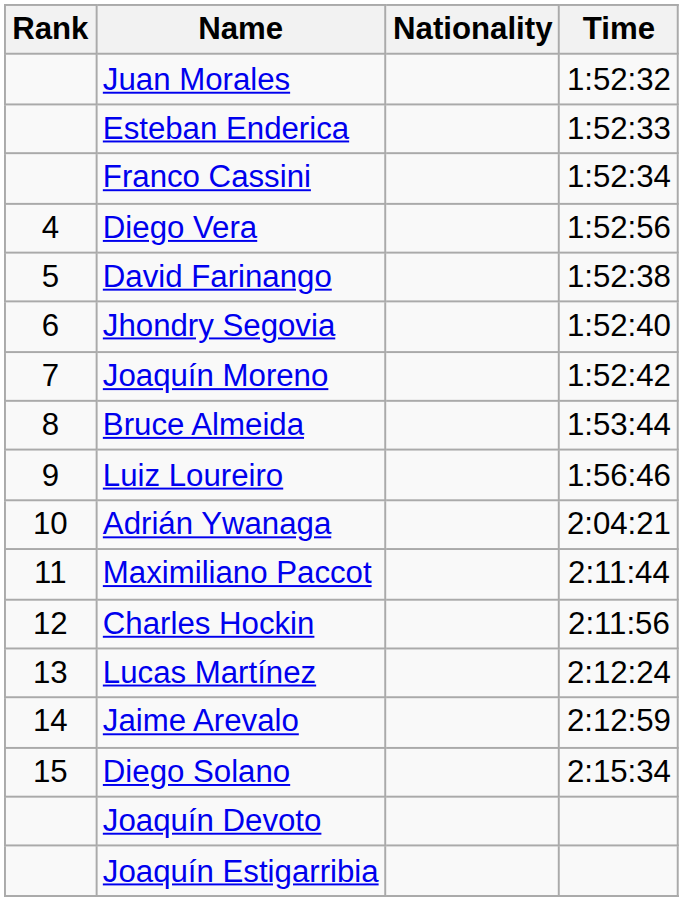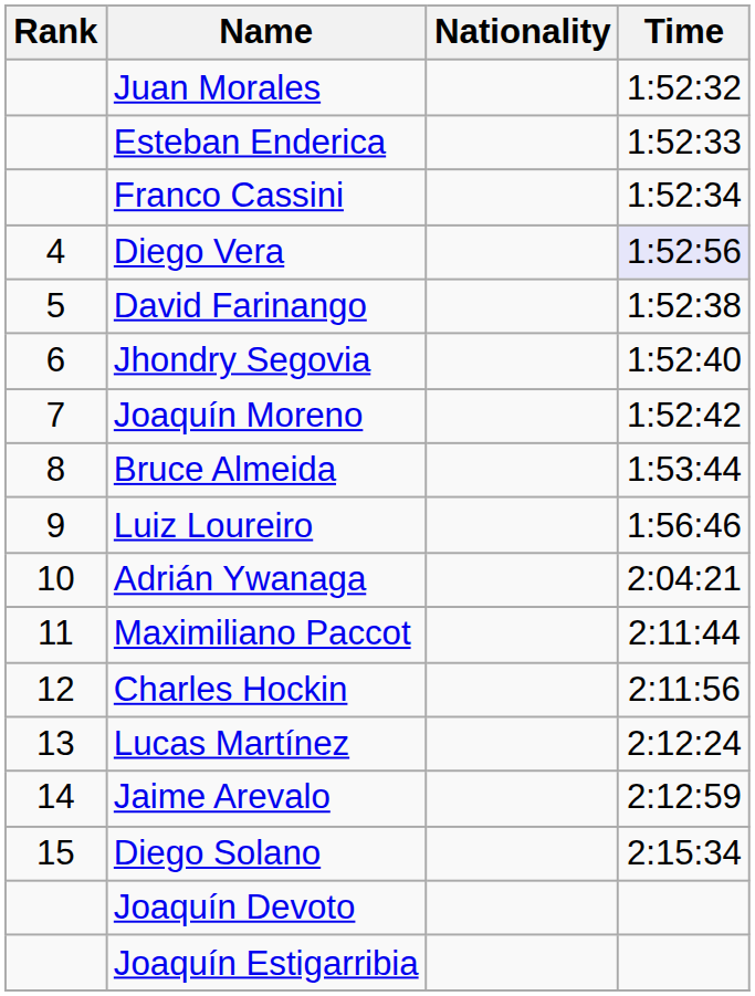 <table class="wikitable sortable" style="text-align:center">
 <tr>
 <th>Rank</th>
 <th>Name</th>
 <th>Nationality</th>
 <th>Time</th>
 </tr>
 <tr>
 <td></td>
 <td align=left><a href='#'>Juan Morales</a></td>
 <td align=left></td>
 <td>1:52:32</td>
 </tr>
 <tr>
 <td></td>
 <td align=left><a href='#'>Esteban Enderica</a></td>
 <td align=left></td>
 <td>1:52:33</td>
 </tr>
 <tr>
 <td></td>
 <td align=left><a href='#'>Franco Cassini</a></td>
 <td align=left></td>
 <td>1:52:34</td>
 </tr>
 <tr>
 <td>4</td>
 <td align=left><a href='#'>Diego Vera</a></td>
 <td align=left></td>
-<td>1:52:56</td>
+<td style="background: lavender;">1:52:56</td>
 </tr>
 <tr>
 <td>5</td>
 <td align=left><a href='#'>David Farinango</a></td>
 <td align=left></td>
 <td>1:52:38</td>
 </tr>
 <tr>
 <td>6</td>
 <td align=left><a href='#'>Jhondry Segovia</a></td>
 <td align=left></td>
 <td>1:52:40</td>
 </tr>
 <tr>
 <td>7</td>
 <td align=left><a href='#'>Joaquín Moreno</a></td>
 <td align=left></td>
 <td>1:52:42</td>
 </tr>
 <tr>
 <td>8</td>
 <td align=left><a href='#'>Bruce Almeida</a></td>
 <td align=left></td>
 <td>1:53:44</td>
 </tr>
 <tr>
 <td>9</td>
 <td align=left><a href='#'>Luiz Loureiro</a></td>
 <td align=left></td>
 <td>1:56:46</td>
 </tr>
 <tr>
 <td>10</td>
 <td align=left><a href='#'>Adrián Ywanaga</a></td>
 <td align=left></td>
 <td>2:04:21</td>
 </tr>
 <tr>
 <td>11</td>
 <td align=left><a href='#'>Maximiliano Paccot</a></td>
 <td align=left></td>
 <td>2:11:44</td>
 </tr>
 <tr>
 <td>12</td>
 <td align=left><a href='#'>Charles Hockin</a></td>
 <td align=left></td>
 <td>2:11:56</td>
 </tr>
 <tr>
 <td>13</td>
 <td align=left><a href='#'>Lucas Martínez</a></td>
 <td align=left></td>
 <td>2:12:24</td>
 </tr>
 <tr>
 <td>14</td>
 <td align=left><a href='#'>Jaime Arevalo</a></td>
 <td align=left></td>
 <td>2:12:59</td>
 </tr>
 <tr>
 <td>15</td>
 <td align=left><a href='#'>Diego Solano</a></td>
 <td align=left></td>
 <td>2:15:34</td>
 </tr>
 <tr>
 <td></td>
 <td align=left><a href='#'>Joaquín Devoto</a></td>
 <td align=left></td>
 <td></td>
 </tr>
 <tr>
 <td></td>
 <td align=left><a href='#'>Joaquín Estigarribia</a></td>
 <td align=left></td>
 <td></td>
 </tr>
 <tr>
 </tr>
 </table>
